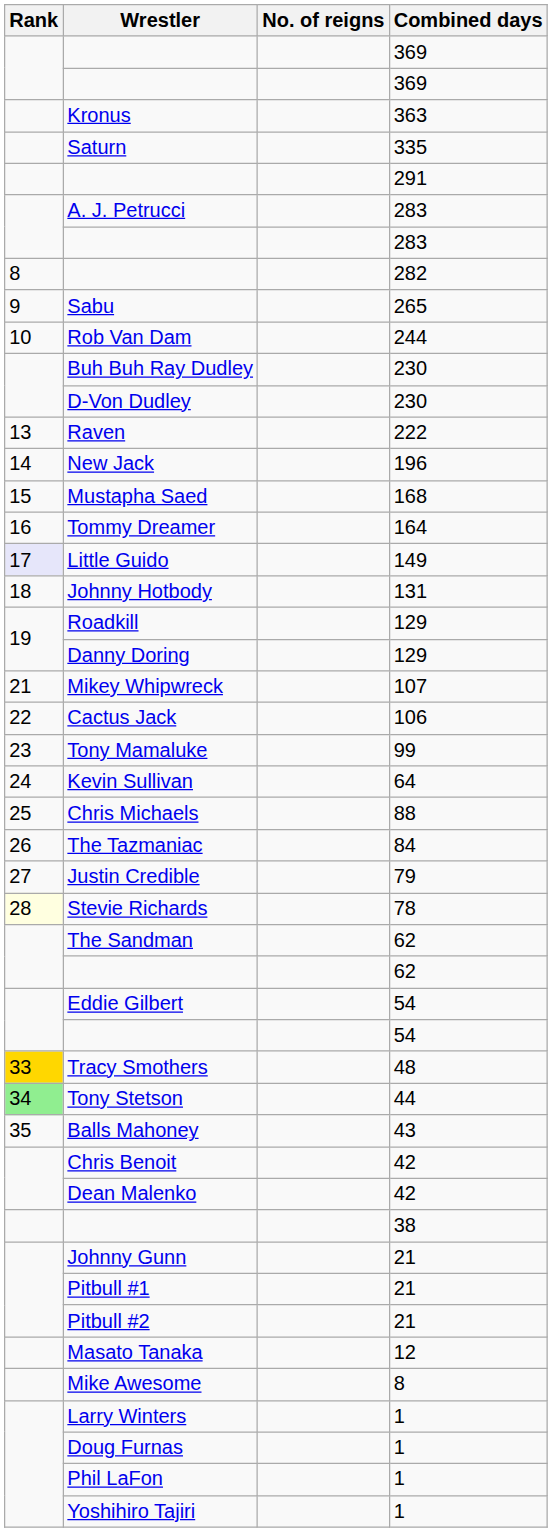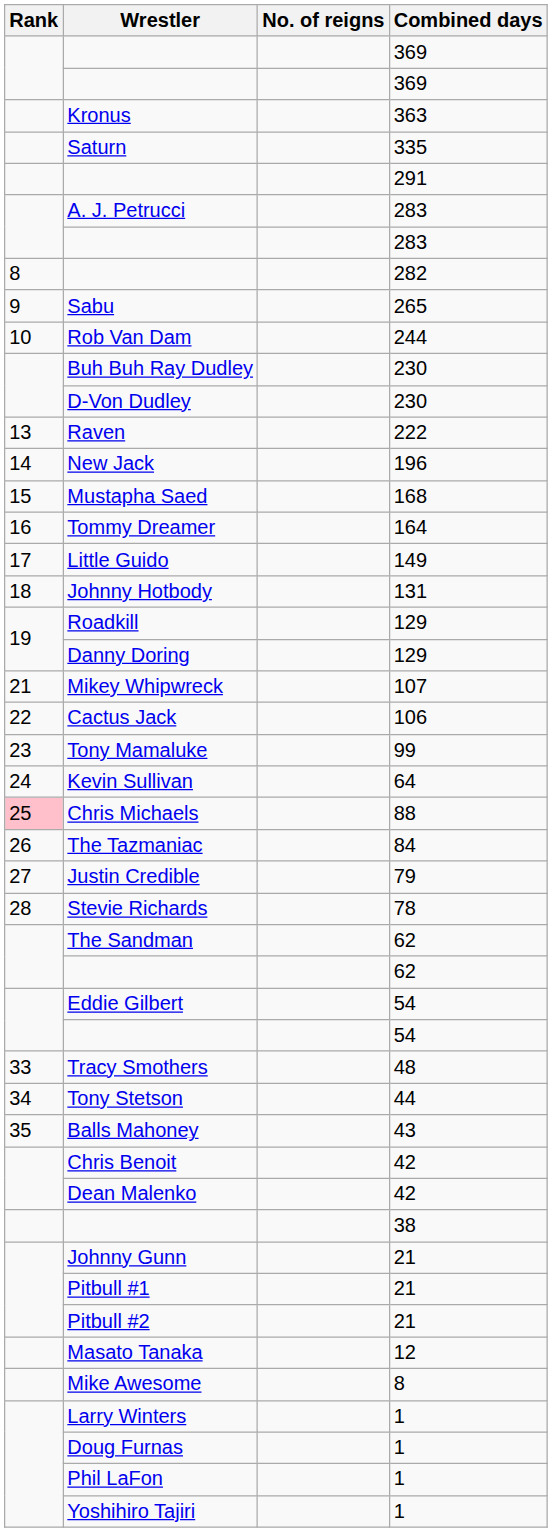 <table class="wikitable sortable">
 <tr>
 <th>Rank</th>
 <th>Wrestler</th>
 <th>No. of reigns</th>
 <th>Combined days</th>
 </tr>
 <tr>
 <td rowspan=2></td>
 <td></td>
 <td></td>
 <td>369</td>
 </tr>
 <tr>
 <td></td>
 <td></td>
 <td>369</td>
 </tr>
 <tr>
 <td></td>
 <td><a href='#'>Kronus</a></td>
 <td></td>
 <td>363</td>
 </tr>
 <tr>
 <td></td>
 <td><a href='#'>Saturn</a></td>
 <td></td>
 <td>335</td>
 </tr>
 <tr>
 <td></td>
 <td></td>
 <td></td>
 <td>291</td>
 </tr>
 <tr>
 <td rowspan=2></td>
 <td><a href='#'>A. J. Petrucci</a></td>
 <td></td>
 <td>283</td>
 </tr>
 <tr>
 <td></td>
 <td></td>
 <td>283</td>
 </tr>
 <tr>
 <td>8</td>
 <td></td>
 <td></td>
 <td>282</td>
 </tr>
 <tr>
 <td>9</td>
 <td><a href='#'>Sabu</a></td>
 <td></td>
 <td>265</td>
 </tr>
 <tr>
 <td>10</td>
 <td><a href='#'>Rob Van Dam</a></td>
 <td></td>
 <td>244</td>
 </tr>
 <tr>
 <td rowspan=2></td>
 <td><a href='#'>Buh Buh Ray Dudley</a></td>
 <td></td>
 <td>230</td>
 </tr>
 <tr>
 <td><a href='#'>D-Von Dudley</a></td>
 <td></td>
 <td>230</td>
 </tr>
 <tr>
 <td>13</td>
 <td><a href='#'>Raven</a></td>
 <td></td>
 <td>222</td>
 </tr>
 <tr>
 <td>14</td>
 <td><a href='#'>New Jack</a></td>
 <td></td>
 <td>196</td>
 </tr>
 <tr>
 <td>15</td>
 <td><a href='#'>Mustapha Saed</a></td>
 <td></td>
 <td>168</td>
 </tr>
 <tr>
 <td>16</td>
 <td><a href='#'>Tommy Dreamer</a></td>
 <td></td>
 <td>164</td>
 </tr>
 <tr>
-<td style="background: lavender;">17</td>
+<td>17</td>
 <td><a href='#'>Little Guido</a></td>
 <td></td>
 <td>149</td>
 </tr>
 <tr>
 <td>18</td>
 <td><a href='#'>Johnny Hotbody</a></td>
 <td></td>
 <td>131</td>
 </tr>
 <tr>
 <td rowspan=2>19</td>
 <td><a href='#'>Roadkill</a></td>
 <td></td>
 <td>129</td>
 </tr>
 <tr>
 <td><a href='#'>Danny Doring</a></td>
 <td></td>
 <td>129</td>
 </tr>
 <tr>
 <td>21</td>
 <td><a href='#'>Mikey Whipwreck</a></td>
 <td></td>
 <td>107</td>
 </tr>
 <tr>
 <td>22</td>
 <td><a href='#'>Cactus Jack</a></td>
 <td></td>
 <td>106</td>
 </tr>
 <tr>
 <td>23</td>
 <td><a href='#'>Tony Mamaluke</a></td>
 <td></td>
 <td>99</td>
 </tr>
 <tr>
 <td>24</td>
 <td><a href='#'>Kevin Sullivan</a></td>
 <td></td>
 <td>64</td>
 </tr>
 <tr>
-<td>25</td>
+<td style="background: pink;">25</td>
 <td><a href='#'>Chris Michaels</a></td>
 <td></td>
 <td>88</td>
 </tr>
 <tr>
 <td>26</td>
 <td><a href='#'>The Tazmaniac</a></td>
 <td></td>
 <td>84</td>
 </tr>
 <tr>
 <td>27</td>
 <td><a href='#'>Justin Credible</a></td>
 <td></td>
 <td>79</td>
 </tr>
 <tr>
-<td style="background: lightyellow;">28</td>
+<td>28</td>
 <td><a href='#'>Stevie Richards</a></td>
 <td></td>
 <td>78</td>
 </tr>
 <tr>
 <td rowspan=2></td>
 <td><a href='#'>The Sandman</a></td>
 <td></td>
 <td>62</td>
 </tr>
 <tr>
 <td></td>
 <td></td>
 <td>62</td>
 </tr>
 <tr>
 <td rowspan=2></td>
 <td><a href='#'>Eddie Gilbert</a></td>
 <td></td>
 <td>54</td>
 </tr>
 <tr>
 <td></td>
 <td></td>
 <td>54</td>
 </tr>
 <tr>
-<td style="background: gold;">33</td>
+<td>33</td>
 <td><a href='#'>Tracy Smothers</a></td>
 <td></td>
 <td>48</td>
 </tr>
 <tr>
-<td style="background: lightgreen;">34</td>
+<td>34</td>
 <td><a href='#'>Tony Stetson</a></td>
 <td></td>
 <td>44</td>
 </tr>
 <tr>
 <td>35</td>
 <td><a href='#'>Balls Mahoney</a></td>
 <td></td>
 <td>43</td>
 </tr>
 <tr>
 <td rowspan=2></td>
 <td><a href='#'>Chris Benoit</a></td>
 <td></td>
 <td>42</td>
 </tr>
 <tr>
 <td><a href='#'>Dean Malenko</a></td>
 <td></td>
 <td>42</td>
 </tr>
 <tr>
 <td></td>
 <td></td>
 <td></td>
 <td>38</td>
 </tr>
 <tr>
 <td rowspan=3></td>
 <td><a href='#'>Johnny Gunn</a></td>
 <td></td>
 <td>21</td>
 </tr>
 <tr>
 <td><a href='#'>Pitbull #1</a></td>
 <td></td>
 <td>21</td>
 </tr>
 <tr>
 <td><a href='#'>Pitbull #2</a></td>
 <td></td>
 <td>21</td>
 </tr>
 <tr>
 <td></td>
 <td><a href='#'>Masato Tanaka</a></td>
 <td></td>
 <td>12</td>
 </tr>
 <tr>
 <td></td>
 <td><a href='#'>Mike Awesome</a></td>
 <td></td>
 <td>8</td>
 </tr>
 <tr>
 <td rowspan=4></td>
 <td><a href='#'>Larry Winters</a></td>
 <td></td>
 <td>1</td>
 </tr>
 <tr>
 <td><a href='#'>Doug Furnas</a></td>
 <td></td>
 <td>1</td>
 </tr>
 <tr>
 <td><a href='#'>Phil LaFon</a></td>
 <td></td>
 <td>1</td>
 </tr>
 <tr>
 <td><a href='#'>Yoshihiro Tajiri</a></td>
 <td></td>
 <td>1</td>
 </tr>
 </table>
